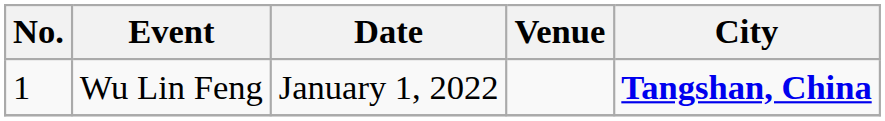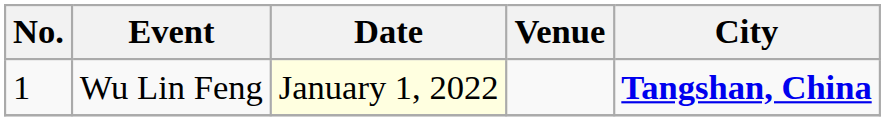 <table class="wikitable sortable">
 <tr>
 <th>No.</th>
 <th>Event</th>
 <th>Date</th>
 <th>Venue</th>
 <th>City</th>
 </tr>
 <tr>
 <td>1</td>
 <td>Wu Lin Feng</td>
-<td>January 1, 2022</td>
+<td style="background: lightyellow;">January 1, 2022</td>
 <td></td>
 <td><strong> <a href='#'>Tangshan, China</a></strong></td>
 </tr>
 <tr>
 </tr>
 </table>
